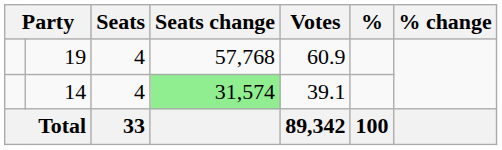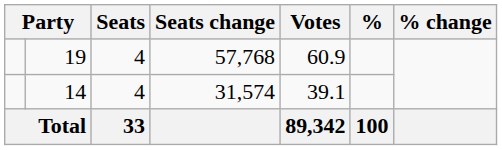 <table class="wikitable sortable">
 <tr>
 <th colspan=2>Party</th>
 <th>Seats</th>
 <th>Seats change</th>
 <th>Votes</th>
 <th>%</th>
 <th>% change</th>
 </tr>
 <tr>
 <td></td>
 <td align=right>19</td>
 <td align=right>4</td>
 <td align=right>57,768</td>
 <td align=right>60.9</td>
 <td align=right></td>
 </tr>
 <tr>
 <td></td>
 <td align=right>14</td>
 <td align=right>4</td>
-<td align=right style="background: lightgreen;">31,574</td>
+<td align=right>31,574</td>
 <td align=right>39.1</td>
 <td align=right></td>
 </tr>
 <tr class="sortbottom" style="font-weight: bold; text-align: right; background: #f2f2f2;">
 <th colspan="2" style="padding-left: 1.5em; text-align: left;">Total</th>
 <td align=right>33</td>
 <td align=right></td>
 <td align=right>89,342</td>
 <td align=right>100</td>
 <td align=right></td>
 </tr>
 </table>
